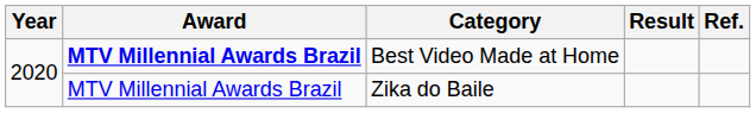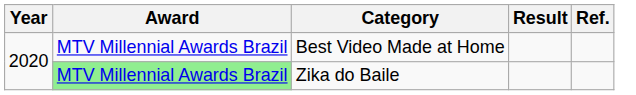 <table class="wikitable">
 <tr>
 <th>Year</th>
 <th>Award</th>
 <th>Category</th>
 <th>Result</th>
 <th>Ref.</th>
 </tr>
 <tr>
 <td rowspan=2>2020</td>
-<td><strong><a href='#'>MTV Millennial Awards Brazil</a></strong></td>
+<td><a href='#'>MTV Millennial Awards Brazil</a></td>
 <td>Best Video Made at Home</td>
 <td></td>
 <td></td>
 </tr>
 <tr>
-<td><a href='#'>MTV Millennial Awards Brazil</a></td>
+<td style="background: lightgreen;"><a href='#'>MTV Millennial Awards Brazil</a></td>
 <td>Zika do Baile</td>
 <td></td>
 <td></td>
 </tr>
 </table>
